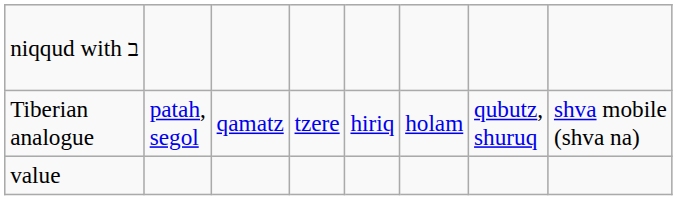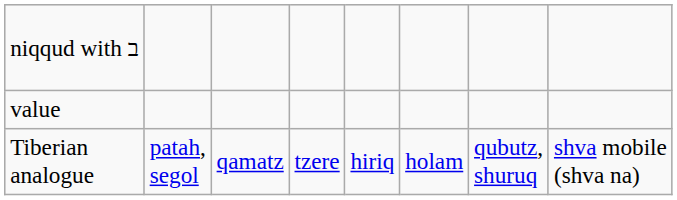 <table class="wikitable" style="font-size: 95%;" style="text-align:center;">
 <tr>
 <td>niqqud with ב</td>
 <td style="font-family: 'david'; font-size:250%" height=40 valign=top></td>
 <td style="font-family: 'david'; font-size:250%" height=40 valign=top></td>
 <td style="font-family: 'david'; font-size:250%" height=40 valign=top></td>
 <td style="font-family: 'david'; font-size:250%" height=40 valign=top></td>
 <td style="font-family: 'david'; font-size:250%" height=40 valign=top></td>
 <td style="font-family: 'david'; font-size:250%" height=40 valign=top></td>
 <td style="font-family: 'david'; font-size:250%" height=40 valign=top></td>
 </tr>
 <tr>
+<td>value</td>
+<td></td>
+<td></td>
+<td></td>
+<td></td>
+<td></td>
+<td></td>
+<td></td>
+</tr>
+<tr>
 <td>Tiberian<br>analogue</td>
 <td><a href='#'>patah</a>,<br><a href='#'>segol</a></td>
 <td><a href='#'>qamatz</a></td>
 <td><a href='#'>tzere</a></td>
 <td><a href='#'>hiriq</a></td>
 <td><a href='#'>holam</a></td>
 <td><a href='#'>qubutz</a>,<br><a href='#'>shuruq</a></td>
 <td><a href='#'>shva</a> mobile<br>(shva na)</td>
 </tr>
-<tr>
-<td>value</td>
-<td></td>
-<td></td>
-<td></td>
-<td></td>
-<td></td>
-<td></td>
-<td></td>
-</tr>
 </table>
